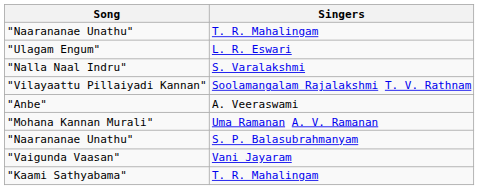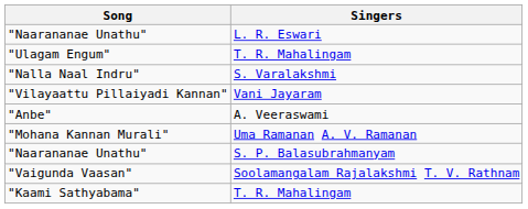 <table class="wikitable">
 <tr>
 <th>Song</th>
 <th>Singers</th>
 </tr>
 <tr>
 <td>"Naarananae Unathu"</td>
-<td><a href='#'>T. R. Mahalingam</a></td>
+<td><a href='#'>L. R. Eswari</a></td>
 </tr>
 <tr>
 <td>"Ulagam Engum"</td>
-<td><a href='#'>L. R. Eswari</a></td>
+<td><a href='#'>T. R. Mahalingam</a></td>
 </tr>
 <tr>
 <td>"Nalla Naal Indru"</td>
 <td><a href='#'>S. Varalakshmi</a></td>
 </tr>
 <tr>
 <td>"Vilayaattu Pillaiyadi Kannan"</td>
-<td><a href='#'>Soolamangalam Rajalakshmi</a> <a href='#'>T. V. Rathnam</a></td>
+<td><a href='#'>Vani Jayaram</a></td>
 </tr>
 <tr>
 <td>"Anbe"</td>
 <td>A. Veeraswami</td>
 </tr>
 <tr>
 <td>"Mohana Kannan Murali"</td>
 <td><a href='#'>Uma Ramanan</a> <a href='#'>A. V. Ramanan</a></td>
 </tr>
 <tr>
 <td>"Naarananae Unathu"</td>
 <td><a href='#'>S. P. Balasubrahmanyam</a></td>
 </tr>
 <tr>
 <td>"Vaigunda Vaasan"</td>
-<td><a href='#'>Vani Jayaram</a></td>
+<td><a href='#'>Soolamangalam Rajalakshmi</a> <a href='#'>T. V. Rathnam</a></td>
 </tr>
 <tr>
 <td>"Kaami Sathyabama"</td>
 <td><a href='#'>T. R. Mahalingam</a></td>
 </tr>
 </table>
